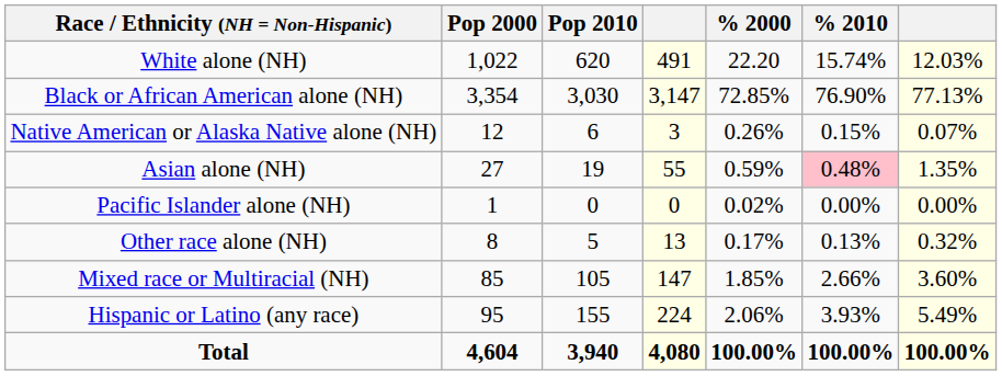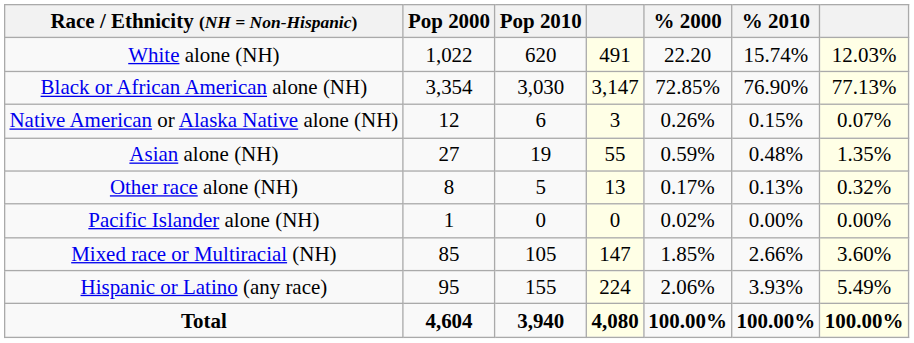 <table class="wikitable"  style="text-align:center;">
 <tr>
 <th>Race / Ethnicity <small>(<em>NH = Non-Hispanic</em>)</small></th>
 <th>Pop 2000</th>
 <th>Pop 2010</th>
 <th></th>
 <th>% 2000</th>
 <th>% 2010</th>
 <th></th>
 </tr>
 <tr>
 <td><a href='#'>White</a> alone (NH)</td>
 <td>1,022</td>
 <td>620</td>
 <td style='background: #ffffe6;'>491</td>
 <td>22.20</td>
 <td>15.74%</td>
 <td style='background: #ffffe6;'>12.03%</td>
 </tr>
 <tr>
 <td><a href='#'>Black or African American</a> alone (NH)</td>
 <td>3,354</td>
 <td>3,030</td>
 <td style='background: #ffffe6;'>3,147</td>
 <td>72.85%</td>
 <td>76.90%</td>
 <td style='background: #ffffe6;'>77.13%</td>
 </tr>
 <tr>
 <td><a href='#'>Native American</a> or <a href='#'>Alaska Native</a> alone (NH)</td>
 <td>12</td>
 <td>6</td>
 <td style='background: #ffffe6;'>3</td>
 <td>0.26%</td>
 <td>0.15%</td>
 <td style='background: #ffffe6;'>0.07%</td>
 </tr>
 <tr>
 <td><a href='#'>Asian</a> alone (NH)</td>
 <td>27</td>
 <td>19</td>
 <td style='background: #ffffe6;'>55</td>
 <td>0.59%</td>
-<td style="background: pink;">0.48%</td>
+<td>0.48%</td>
 <td style='background: #ffffe6;'>1.35%</td>
+</tr>
+<tr>
+<td><a href='#'>Other race</a> alone (NH)</td>
+<td>8</td>
+<td>5</td>
+<td style='background: #ffffe6;'>13</td>
+<td>0.17%</td>
+<td>0.13%</td>
+<td style='background: #ffffe6;'>0.32%</td>
 </tr>
 <tr>
 <td><a href='#'>Pacific Islander</a> alone (NH)</td>
 <td>1</td>
 <td>0</td>
 <td style='background: #ffffe6;'>0</td>
 <td>0.02%</td>
 <td>0.00%</td>
 <td style='background: #ffffe6;'>0.00%</td>
-</tr>
-<tr>
-<td><a href='#'>Other race</a> alone (NH)</td>
-<td>8</td>
-<td>5</td>
-<td style='background: #ffffe6;'>13</td>
-<td>0.17%</td>
-<td>0.13%</td>
-<td style='background: #ffffe6;'>0.32%</td>
 </tr>
 <tr>
 <td><a href='#'>Mixed race or Multiracial</a> (NH)</td>
 <td>85</td>
 <td>105</td>
 <td style='background: #ffffe6;'>147</td>
 <td>1.85%</td>
 <td>2.66%</td>
 <td style='background: #ffffe6;'>3.60%</td>
 </tr>
 <tr>
 <td><a href='#'>Hispanic or Latino</a> (any race)</td>
 <td>95</td>
 <td>155</td>
 <td style='background: #ffffe6;'>224</td>
 <td>2.06%</td>
 <td>3.93%</td>
 <td style='background: #ffffe6;'>5.49%</td>
 </tr>
 <tr>
 <td><strong>Total</strong></td>
 <td><strong>4,604</strong></td>
 <td><strong>3,940</strong></td>
 <td style='background: #ffffe6;'><strong>4,080</strong></td>
 <td><strong>100.00%</strong></td>
 <td><strong>100.00%</strong></td>
 <td style='background: #ffffe6;'><strong>100.00%</strong></td>
 </tr>
 </table>
